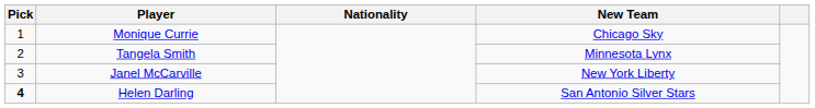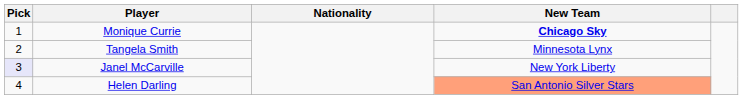 <table class="wikitable sortable" style="text-align: center">
 <tr>
 <th width=30>Pick</th>
 <th width=300>Player</th>
 <th width=250>Nationality</th>
 <th width=383>New Team</th>
 <th width=30 class="unsortable"></th>
 </tr>
 <tr>
 <td>1</td>
 <td><a href='#'>Monique Currie</a></td>
 <td rowspan=4></td>
-<td><a href='#'>Chicago Sky</a></td>
+<td><strong><a href='#'>Chicago Sky</a></strong></td>
 <td rowspan=4></td>
 </tr>
 <tr>
 <td>2</td>
 <td><a href='#'>Tangela Smith</a></td>
 <td><a href='#'>Minnesota Lynx</a></td>
 </tr>
 <tr>
-<td>3</td>
+<td style="background: lavender;">3</td>
 <td><a href='#'>Janel McCarville</a></td>
 <td><a href='#'>New York Liberty</a></td>
 </tr>
 <tr>
-<td><strong>4</strong></td>
+<td>4</td>
 <td><a href='#'>Helen Darling</a></td>
-<td><a href='#'>San Antonio Silver Stars</a></td>
+<td style="background: lightsalmon;"><a href='#'>San Antonio Silver Stars</a></td>
 </tr>
 </table>
